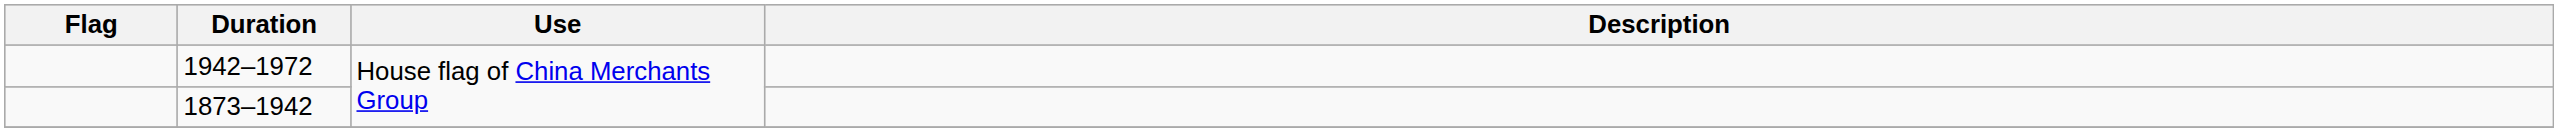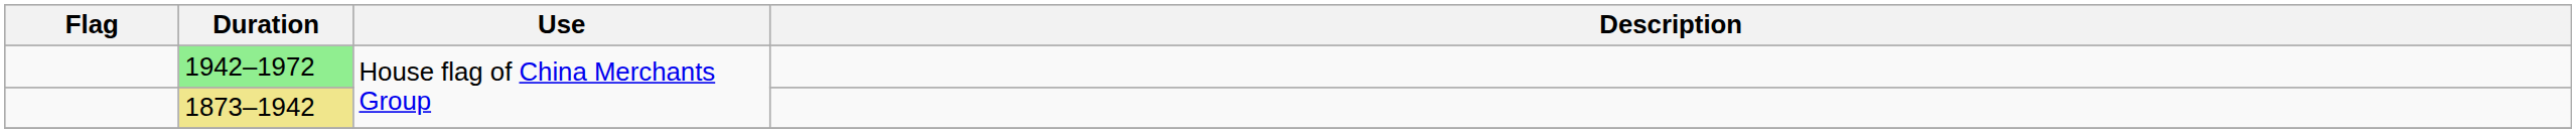 <table class="wikitable" width="100%">
 <tr>
 <th style="width:100px;">Flag</th>
 <th style="width:100px;">Duration</th>
 <th style="width:250px;">Use</th>
 <th style="min-width:250px">Description</th>
 </tr>
 <tr>
 <td></td>
-<td>1942–1972</td>
+<td style="background: lightgreen;">1942–1972</td>
 <td rowspan="2">House flag of <a href='#'>China Merchants Group</a></td>
 <td></td>
 </tr>
 <tr>
 <td></td>
-<td>1873–1942</td>
+<td style="background: khaki;">1873–1942</td>
 <td></td>
 </tr>
 <tr>
 </tr>
 </table>
